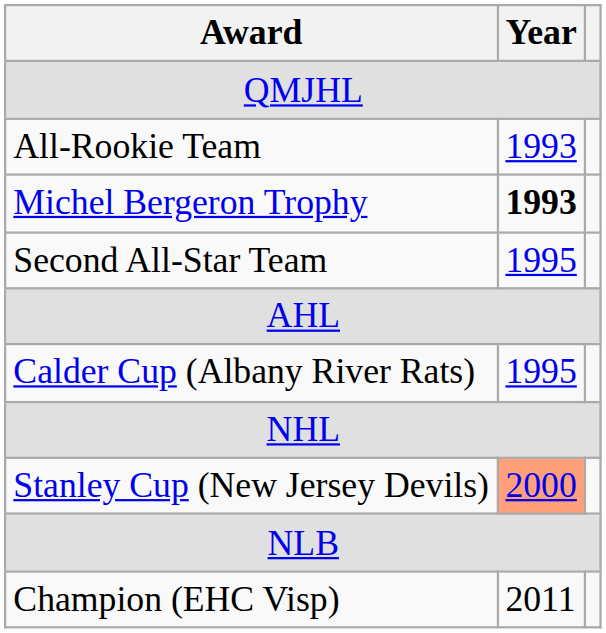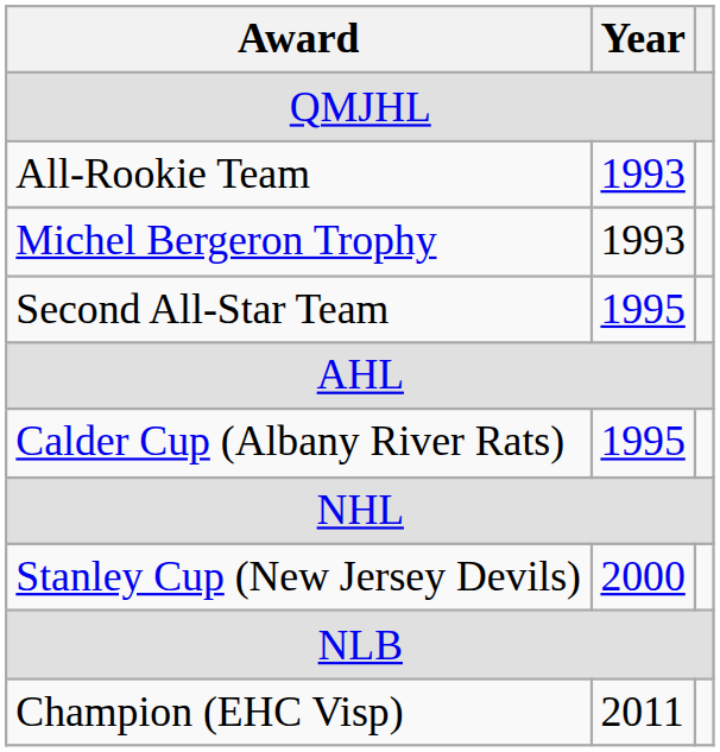 <table class="wikitable">
 <tr>
 <th>Award</th>
 <th>Year</th>
 <th></th>
 </tr>
 <tr ALIGN="center" bgcolor="#e0e0e0">
 <td colspan="3"><a href='#'>QMJHL</a></td>
 </tr>
 <tr>
 <td>All-Rookie Team</td>
 <td><a href='#'>1993</a></td>
 <td></td>
 </tr>
 <tr>
 <td><a href='#'>Michel Bergeron Trophy</a></td>
-<td><strong>1993</strong></td>
+<td>1993</td>
 <td></td>
 </tr>
 <tr>
 <td>Second All-Star Team</td>
 <td><a href='#'>1995</a></td>
 <td></td>
 </tr>
 <tr ALIGN="center" bgcolor="#e0e0e0">
 <td colspan="3"><a href='#'>AHL</a></td>
 </tr>
 <tr>
 <td><a href='#'>Calder Cup</a>  (Albany River Rats)</td>
 <td><a href='#'>1995</a></td>
 <td></td>
 </tr>
 <tr ALIGN="center" bgcolor="#e0e0e0">
 <td colspan="3"><a href='#'>NHL</a></td>
 </tr>
 <tr>
 <td><a href='#'>Stanley Cup</a>  (New Jersey Devils)</td>
-<td style="background: lightsalmon;"><a href='#'>2000</a></td>
+<td><a href='#'>2000</a></td>
 <td></td>
 </tr>
 <tr ALIGN="center" bgcolor="#e0e0e0">
 <td colspan="3"><a href='#'>NLB</a></td>
 </tr>
 <tr>
 <td>Champion  (EHC Visp)</td>
 <td>2011</td>
 <td></td>
 </tr>
 </table>
